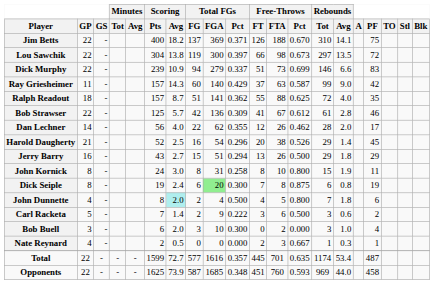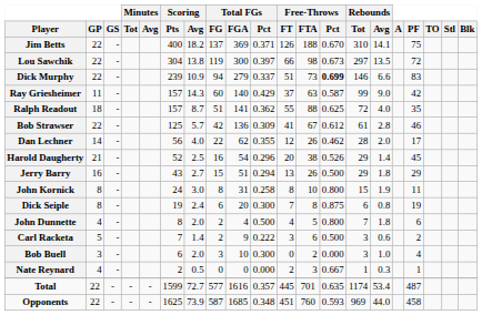 <table class="wikitable sortable" border="1" style="font-size:90%;">
 <tr>
 <th colspan="3" style="border-top-style:hidden; border-left-style:hidden; background: white;"></th>
 <th colspan="2" style=>Minutes</th>
 <th colspan="2" style=>Scoring</th>
 <th colspan="3" style=>Total FGs</th>
 <th colspan="3" style=>Free-Throws</th>
 <th colspan="2" style=>Rebounds</th>
 <th colspan="5" style="border-top-style:hidden; border-right-style:hidden; background: white;"></th>
 </tr>
 <tr>
 <th scope="col" style=>Player</th>
 <th scope="col" style=>GP</th>
 <th scope="col" style=>GS</th>
 <th scope="col" style=>Tot</th>
 <th scope="col" style=>Avg</th>
 <th scope="col" style=>Pts</th>
 <th scope="col" style=>Avg</th>
 <th scope="col" style=>FG</th>
 <th scope="col" style=>FGA</th>
 <th scope="col" style=>Pct</th>
 <th scope="col" style=>FT</th>
 <th scope="col" style=>FTA</th>
 <th scope="col" style=>Pct</th>
 <th scope="col" style=>Tot</th>
 <th scope="col" style=>Avg</th>
 <th scope="col" style=>A</th>
 <th scope="col" style=>PF</th>
 <th scope="col" style=>TO</th>
 <th scope="col" style=>Stl</th>
 <th scope="col" style=>Blk</th>
 </tr>
 <tr>
 <th>Jim Betts</th>
 <td align="right">22</td>
 <td align="right">-</td>
 <td align="right"></td>
 <td align="right"></td>
 <td align="right">400</td>
 <td align="right">18.2</td>
 <td align="right">137</td>
 <td align="right">369</td>
 <td align="right">0.371</td>
 <td align="right">126</td>
 <td align="right">188</td>
 <td align="right">0.670</td>
 <td align="right">310</td>
 <td align="right">14.1</td>
 <td align="right"></td>
 <td align="right">75</td>
 <td align="right"></td>
 <td align="right"></td>
 <td align="right"></td>
 </tr>
 <tr>
 <th>Lou Sawchik</th>
 <td align="right">22</td>
 <td align="right">-</td>
 <td align="right"></td>
 <td align="right"></td>
 <td align="right">304</td>
 <td align="right">13.8</td>
 <td align="right">119</td>
 <td align="right">300</td>
 <td align="right">0.397</td>
 <td align="right">66</td>
 <td align="right">98</td>
 <td align="right">0.673</td>
 <td align="right">297</td>
 <td align="right">13.5</td>
 <td align="right"></td>
 <td align="right">72</td>
 <td align="right"></td>
 <td align="right"></td>
 <td align="right"></td>
 </tr>
 <tr>
 <th>Dick Murphy</th>
 <td align="right">22</td>
 <td align="right">-</td>
 <td align="right"></td>
 <td align="right"></td>
 <td align="right">239</td>
 <td align="right">10.9</td>
 <td align="right">94</td>
 <td align="right">279</td>
 <td align="right">0.337</td>
 <td align="right">51</td>
 <td align="right">73</td>
-<td align="right">0.699</td>
+<td align="right"><strong>0.699</strong></td>
 <td align="right">146</td>
 <td align="right">6.6</td>
 <td align="right"></td>
 <td align="right">83</td>
 <td align="right"></td>
 <td align="right"></td>
 <td align="right"></td>
 </tr>
 <tr>
 <th>Ray Griesheimer</th>
 <td align="right">11</td>
 <td align="right">-</td>
 <td align="right"></td>
 <td align="right"></td>
 <td align="right">157</td>
 <td align="right">14.3</td>
 <td align="right">60</td>
 <td align="right">140</td>
 <td align="right">0.429</td>
 <td align="right">37</td>
 <td align="right">63</td>
 <td align="right">0.587</td>
 <td align="right">99</td>
 <td align="right">9.0</td>
 <td align="right"></td>
 <td align="right">42</td>
 <td align="right"></td>
 <td align="right"></td>
 <td align="right"></td>
 </tr>
 <tr>
 <th>Ralph Readout</th>
 <td align="right">18</td>
 <td align="right">-</td>
 <td align="right"></td>
 <td align="right"></td>
 <td align="right">157</td>
 <td align="right">8.7</td>
 <td align="right">51</td>
 <td align="right">141</td>
 <td align="right">0.362</td>
 <td align="right">55</td>
 <td align="right">88</td>
 <td align="right">0.625</td>
 <td align="right">72</td>
 <td align="right">4.0</td>
 <td align="right"></td>
 <td align="right">35</td>
 <td align="right"></td>
 <td align="right"></td>
 <td align="right"></td>
 </tr>
 <tr>
 <th>Bob Strawser</th>
 <td align="right">22</td>
 <td align="right">-</td>
 <td align="right"></td>
 <td align="right"></td>
 <td align="right">125</td>
 <td align="right">5.7</td>
 <td align="right">42</td>
 <td align="right">136</td>
 <td align="right">0.309</td>
 <td align="right">41</td>
 <td align="right">67</td>
 <td align="right">0.612</td>
 <td align="right">61</td>
 <td align="right">2.8</td>
 <td align="right"></td>
 <td align="right">46</td>
 <td align="right"></td>
 <td align="right"></td>
 <td align="right"></td>
 </tr>
 <tr>
 <th>Dan Lechner</th>
 <td align="right">14</td>
 <td align="right">-</td>
 <td align="right"></td>
 <td align="right"></td>
 <td align="right">56</td>
 <td align="right">4.0</td>
 <td align="right">22</td>
 <td align="right">62</td>
 <td align="right">0.355</td>
 <td align="right">12</td>
 <td align="right">26</td>
 <td align="right">0.462</td>
 <td align="right">28</td>
 <td align="right">2.0</td>
 <td align="right"></td>
 <td align="right">17</td>
 <td align="right"></td>
 <td align="right"></td>
 <td align="right"></td>
 </tr>
 <tr>
 <th>Harold Daugherty</th>
 <td align="right">21</td>
 <td align="right">-</td>
 <td align="right"></td>
 <td align="right"></td>
 <td align="right">52</td>
 <td align="right">2.5</td>
 <td align="right">16</td>
 <td align="right">54</td>
 <td align="right">0.296</td>
 <td align="right">20</td>
 <td align="right">38</td>
 <td align="right">0.526</td>
 <td align="right">29</td>
 <td align="right">1.4</td>
 <td align="right"></td>
 <td align="right">45</td>
 <td align="right"></td>
 <td align="right"></td>
 <td align="right"></td>
 </tr>
 <tr>
 <th>Jerry Barry</th>
 <td align="right">16</td>
 <td align="right">-</td>
 <td align="right"></td>
 <td align="right"></td>
 <td align="right">43</td>
 <td align="right">2.7</td>
 <td align="right">15</td>
 <td align="right">51</td>
 <td align="right">0.294</td>
 <td align="right">13</td>
 <td align="right">26</td>
 <td align="right">0.500</td>
 <td align="right">29</td>
 <td align="right">1.8</td>
 <td align="right"></td>
 <td align="right">29</td>
 <td align="right"></td>
 <td align="right"></td>
 <td align="right"></td>
 </tr>
 <tr>
 <th>John Kornick</th>
 <td align="right">8</td>
 <td align="right">-</td>
 <td align="right"></td>
 <td align="right"></td>
 <td align="right">24</td>
 <td align="right">3.0</td>
 <td align="right">8</td>
 <td align="right">31</td>
 <td align="right">0.258</td>
 <td align="right">8</td>
 <td align="right">10</td>
 <td align="right">0.800</td>
 <td align="right">15</td>
 <td align="right">1.9</td>
 <td align="right"></td>
 <td align="right">11</td>
 <td align="right"></td>
 <td align="right"></td>
 <td align="right"></td>
 </tr>
 <tr>
 <th>Dick Seiple</th>
 <td align="right">8</td>
 <td align="right">-</td>
 <td align="right"></td>
 <td align="right"></td>
 <td align="right">19</td>
 <td align="right">2.4</td>
 <td align="right">6</td>
-<td align="right" style="background: lightgreen;">20</td>
+<td align="right">20</td>
 <td align="right">0.300</td>
 <td align="right">7</td>
 <td align="right">8</td>
 <td align="right">0.875</td>
 <td align="right">6</td>
 <td align="right">0.8</td>
 <td align="right"></td>
 <td align="right">19</td>
 <td align="right"></td>
 <td align="right"></td>
 <td align="right"></td>
 </tr>
 <tr>
 <th>John Dunnette</th>
 <td align="right">4</td>
 <td align="right">-</td>
 <td align="right"></td>
 <td align="right"></td>
 <td align="right">8</td>
-<td align="right" style="background: paleturquoise;">2.0</td>
+<td align="right">2.0</td>
 <td align="right">2</td>
 <td align="right">4</td>
 <td align="right">0.500</td>
 <td align="right">4</td>
 <td align="right">5</td>
 <td align="right">0.800</td>
 <td align="right">7</td>
 <td align="right">1.8</td>
 <td align="right"></td>
 <td align="right">6</td>
 <td align="right"></td>
 <td align="right"></td>
 <td align="right"></td>
 </tr>
 <tr>
 <th>Carl Racketa</th>
 <td align="right">5</td>
 <td align="right">-</td>
 <td align="right"></td>
 <td align="right"></td>
 <td align="right">7</td>
 <td align="right">1.4</td>
 <td align="right">2</td>
 <td align="right">9</td>
 <td align="right">0.222</td>
 <td align="right">3</td>
 <td align="right">6</td>
 <td align="right">0.500</td>
 <td align="right">3</td>
 <td align="right">0.6</td>
 <td align="right"></td>
 <td align="right">2</td>
 <td align="right"></td>
 <td align="right"></td>
 <td align="right"></td>
 </tr>
 <tr>
 <th>Bob Buell</th>
 <td align="right">3</td>
 <td align="right">-</td>
 <td align="right"></td>
 <td align="right"></td>
 <td align="right">6</td>
 <td align="right">2.0</td>
 <td align="right">3</td>
 <td align="right">10</td>
 <td align="right">0.300</td>
 <td align="right">0</td>
 <td align="right">2</td>
 <td align="right">0.000</td>
 <td align="right">3</td>
 <td align="right">1.0</td>
 <td align="right"></td>
 <td align="right">4</td>
 <td align="right"></td>
 <td align="right"></td>
 <td align="right"></td>
 </tr>
 <tr>
 <th>Nate Reynard</th>
 <td align="right">4</td>
 <td align="right">-</td>
 <td align="right"></td>
 <td align="right"></td>
 <td align="right">2</td>
 <td align="right">0.5</td>
 <td align="right">0</td>
 <td align="right">0</td>
 <td align="right">0.000</td>
 <td align="right">2</td>
 <td align="right">3</td>
 <td align="right">0.667</td>
 <td align="right">1</td>
 <td align="right">0.3</td>
 <td align="right"></td>
 <td align="right">1</td>
 <td align="right"></td>
 <td align="right"></td>
 <td align="right"></td>
 </tr>
 <tr>
 </tr>
 <tr class="sortbottom">
 <td align="center" style=><strong>Total</strong></td>
 <td align="center" style=>22</td>
 <td align="center" style=>-</td>
 <td align="center" style=>-</td>
 <td align="center" style=>-</td>
 <td align="center" style=>1599</td>
 <td align="center" style=>72.7</td>
 <td align="center" style=>577</td>
 <td align="center" style=>1616</td>
 <td align="center" style=>0.357</td>
 <td align="center" style=>445</td>
 <td align="center" style=>701</td>
 <td align="center" style=>0.635</td>
 <td align="center" style=>1174</td>
 <td align="center" style=>53.4</td>
 <td align="center" style=></td>
 <td align="center" style=>487</td>
 <td align="center" style=></td>
 <td align="center" style=></td>
 <td align="center" style=></td>
 </tr>
 <tr class="sortbottom">
 <td align="center"><strong>Opponents</strong></td>
 <td align="center">22</td>
 <td align="center">-</td>
 <td align="center">-</td>
 <td align="center">-</td>
 <td align="center">1625</td>
 <td align="center">73.9</td>
 <td align="center">587</td>
 <td align="center">1685</td>
 <td align="center">0.348</td>
 <td align="center">451</td>
 <td align="center">760</td>
 <td align="center">0.593</td>
 <td align="center">969</td>
 <td align="center">44.0</td>
 <td align="center"></td>
 <td align="center">458</td>
 <td align="center"></td>
 <td align="center"></td>
 <td align="center"></td>
 </tr>
 </table>
